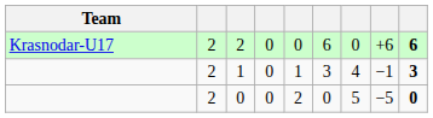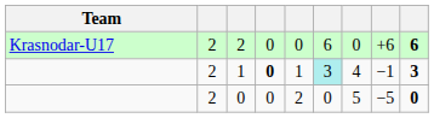 <table class="wikitable" style="text-align:center;">
 <tr>
 <th width=175>Team</th>
 <th width=20></th>
 <th width=20></th>
 <th width=20></th>
 <th width=20></th>
 <th width=20></th>
 <th width=20></th>
 <th width=20></th>
 <th width=20></th>
 </tr>
 <tr bgcolor=ccffcc>
 <td align="left"> <a href='#'>Krasnodar-U17</a></td>
 <td>2</td>
 <td>2</td>
 <td>0</td>
 <td>0</td>
 <td>6</td>
 <td>0</td>
 <td>+6</td>
 <td><strong>6</strong></td>
 </tr>
 <tr>
 <td align="left"></td>
 <td>2</td>
 <td>1</td>
-<td>0</td>
+<td><strong>0</strong></td>
 <td>1</td>
-<td>3</td>
+<td style="background: paleturquoise;">3</td>
 <td>4</td>
 <td>−1</td>
 <td><strong>3</strong></td>
 </tr>
 <tr>
 <td align="left"></td>
 <td>2</td>
 <td>0</td>
 <td>0</td>
 <td>2</td>
 <td>0</td>
 <td>5</td>
 <td>−5</td>
 <td><strong>0</strong></td>
 </tr>
 </table>
